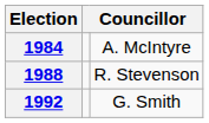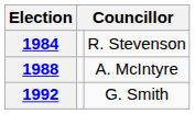 <table class="wikitable" style="text-align:center">
 <tr>
 <th>Election</th>
 <th colspan=2>Councillor</th>
 </tr>
 <tr>
 <th><a href='#'>1984</a></th>
 <td style="background-color: "></td>
-<td>A. McIntyre</td>
+<td>R. Stevenson</td>
 </tr>
 <tr>
 <th><a href='#'>1988</a></th>
 <td style="background-color: "></td>
-<td>R. Stevenson</td>
+<td>A. McIntyre</td>
 </tr>
 <tr>
 <th><a href='#'>1992</a></th>
 <td style="background-color: "></td>
 <td>G. Smith</td>
 </tr>
 </table>
